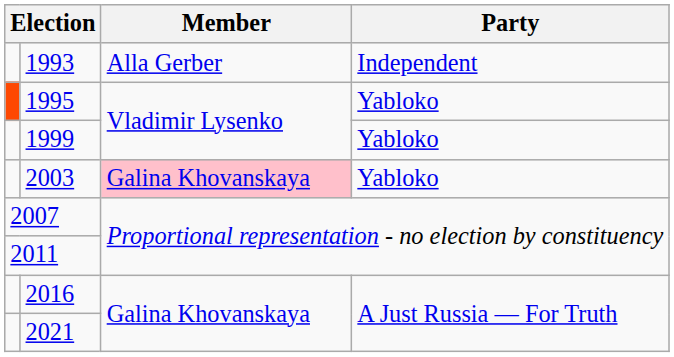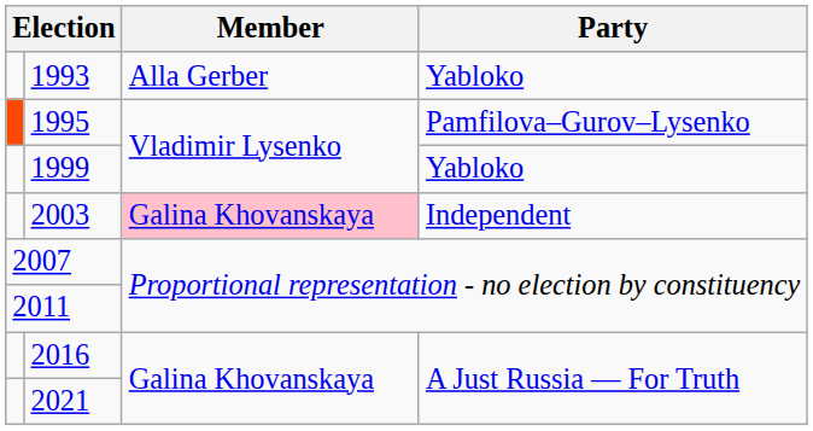 <table class="wikitable">
 <tr>
 <th colspan="2">Election</th>
 <th>Member</th>
 <th>Party</th>
 </tr>
 <tr>
 <td style="background-color: "></td>
 <td><a href='#'>1993</a></td>
 <td><a href='#'>Alla Gerber</a></td>
-<td><a href='#'>Independent</a></td>
+<td><a href='#'>Yabloko</a></td>
 </tr>
 <tr>
 <td style="background-color: #FE4801"></td>
 <td><a href='#'>1995</a></td>
 <td rowspan=2><a href='#'>Vladimir Lysenko</a></td>
-<td><a href='#'>Yabloko</a></td>
+<td><a href='#'>Pamfilova–Gurov–Lysenko</a></td>
 </tr>
 <tr>
 <td style="background-color: "></td>
 <td><a href='#'>1999</a></td>
 <td><a href='#'>Yabloko</a></td>
 </tr>
 <tr>
 <td style="background-color: "></td>
 <td><a href='#'>2003</a></td>
 <td style="background: pink;"><a href='#'>Galina Khovanskaya</a></td>
-<td><a href='#'>Yabloko</a></td>
+<td><a href='#'>Independent</a></td>
 </tr>
 <tr>
 <td colspan=2><a href='#'>2007</a></td>
 <td colspan=2 rowspan=2><em><a href='#'>Proportional representation</a> - no election by constituency</em></td>
 </tr>
 <tr>
 <td colspan=2><a href='#'>2011</a></td>
 </tr>
 <tr>
 <td style="background-color: "></td>
 <td><a href='#'>2016</a></td>
 <td rowspan=2><a href='#'>Galina Khovanskaya</a></td>
 <td rowspan=2><a href='#'>A Just Russia — For Truth</a></td>
 </tr>
 <tr>
 <td style="background-color: "></td>
 <td><a href='#'>2021</a></td>
 </tr>
 </table>
